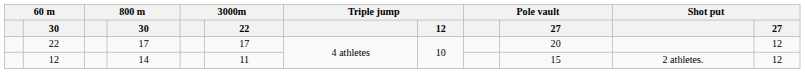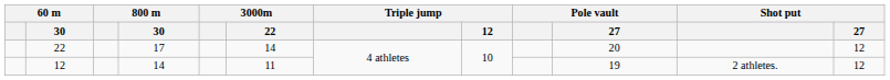 <table class="wikitable" width=100%>
 <tr>
 <th colspan="2">60 m</th>
 <th colspan="2">800 m</th>
 <th colspan="2">3000m</th>
 <th colspan="2">Triple jump</th>
 <th colspan="2">Pole vault</th>
 <th colspan="2">Shot put</th>
 </tr>
 <tr bgcolor=#ffddff>
 <th></th>
 <th>30</th>
 <th></th>
 <th>30</th>
 <th></th>
 <th>22</th>
 <th></th>
 <th>12</th>
 <th></th>
 <th>27</th>
 <th></th>
 <th>27</th>
 </tr>
 <tr align="center">
 <td></td>
 <td>22</td>
 <td></td>
 <td>17</td>
 <td></td>
-<td>17</td>
+<td>14</td>
 <td rowspan="2">4 athletes</td>
 <td rowspan="2">10</td>
 <td></td>
 <td>20</td>
 <td></td>
 <td>12</td>
 </tr>
 <tr align="center">
 <td></td>
 <td>12</td>
 <td></td>
 <td>14</td>
 <td></td>
 <td>11</td>
 <td></td>
-<td>15</td>
+<td>19</td>
 <td>2 athletes.</td>
 <td>12</td>
 </tr>
 </table>
